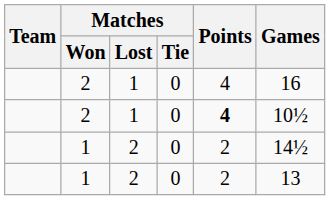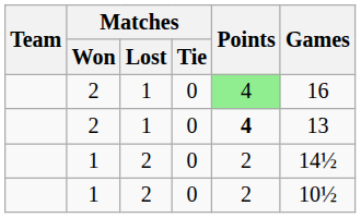 <table class="wikitable" style="text-align:center">
 <tr>
 <th rowspan=2>Team</th>
 <th colspan=3>Matches</th>
 <th rowspan=2>Points</th>
 <th rowspan=2>Games</th>
 </tr>
 <tr>
 <th>Won</th>
 <th>Lost</th>
 <th>Tie</th>
 </tr>
 <tr>
 <td align=left></td>
 <td>2</td>
 <td>1</td>
 <td>0</td>
-<td>4</td>
+<td style="background: lightgreen;">4</td>
 <td>16</td>
 </tr>
 <tr>
 <td align=left></td>
 <td>2</td>
 <td>1</td>
 <td>0</td>
 <td><strong>4</strong></td>
-<td>10½</td>
+<td>13</td>
 </tr>
 <tr>
 <td align=left></td>
 <td>1</td>
 <td>2</td>
 <td>0</td>
 <td>2</td>
 <td>14½</td>
 </tr>
 <tr>
 <td align=left></td>
 <td>1</td>
 <td>2</td>
 <td>0</td>
 <td>2</td>
-<td>13</td>
+<td>10½</td>
 </tr>
 </table>
